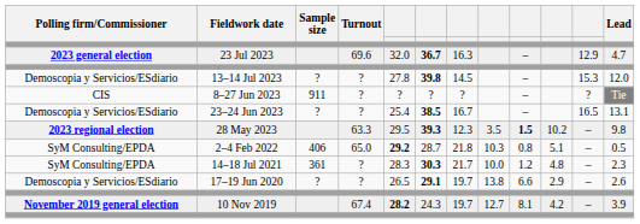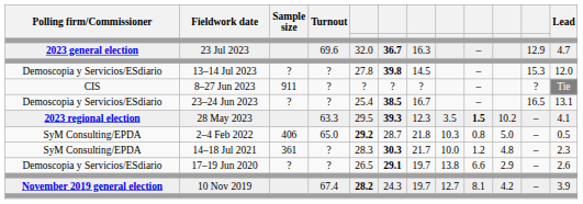 <table class="wikitable collapsible collapsed" style="text-align:center; font-size:95%; line-height:16px;">
 <tr style="height:42px;">
 <th style="width:250px;" rowspan="2">Polling firm/Commissioner</th>
 <th style="width:125px;" rowspan="2">Fieldwork date</th>
 <th style="width:50px;" rowspan="2">Sample size</th>
 <th style="width:45px;" rowspan="2">Turnout</th>
 <th style="width:35px;"></th>
 <th style="width:35px;"></th>
 <th style="width:35px;"></th>
 <th style="width:35px;"></th>
 <th style="width:35px;"></th>
 <th style="width:35px;"></th>
 <th style="width:35px;"></th>
 <th style="width:30px;" rowspan="2">Lead</th>
 </tr>
 <tr>
 <th style="color:inherit;background:"></th>
 <th style="color:inherit;background:"></th>
 <th style="color:inherit;background:"></th>
 <th style="color:inherit;background:"></th>
 <th style="color:inherit;background:"></th>
 <th style="color:inherit;background:"></th>
 <th style="color:inherit;background:"></th>
 </tr>
 <tr>
 <td colspan="12" style="background:#A0A0A0"></td>
 </tr>
 <tr style="background:#EFEFEF;">
 <td><strong><a href='#'>2023 general election</a></strong></td>
 <td>23 Jul 2023</td>
 <td></td>
 <td>69.6</td>
 <td>32.0<br></td>
 <td><strong>36.7</strong><br></td>
 <td>16.3<br></td>
 <td></td>
 <td>–</td>
 <td></td>
 <td>12.9<br></td>
 <td style="background:">4.7</td>
 </tr>
 <tr>
 <td colspan="12" style="background:#A0A0A0"></td>
 </tr>
 <tr>
 <td>Demoscopia y Servicios/ESdiario</td>
 <td>13–14 Jul 2023</td>
 <td>?</td>
 <td>?</td>
 <td>27.8<br></td>
 <td><strong>39.8</strong><br></td>
 <td>14.5<br></td>
 <td></td>
 <td>–</td>
 <td></td>
 <td>15.3<br></td>
 <td style="background:">12.0</td>
 </tr>
 <tr>
 <td>CIS</td>
 <td>8–27 Jun 2023</td>
 <td>911</td>
 <td>?</td>
 <td>?<br></td>
 <td>?<br></td>
 <td>?<br></td>
 <td></td>
 <td>–</td>
 <td></td>
 <td>?<br></td>
 <td style="background:gray; color:white;">Tie</td>
 </tr>
 <tr>
 <td>Demoscopia y Servicios/ESdiario</td>
 <td>23–24 Jun 2023</td>
 <td>?</td>
 <td>?</td>
 <td>25.4<br></td>
 <td><strong>38.5</strong><br></td>
 <td>16.7<br></td>
 <td></td>
 <td>–</td>
 <td></td>
 <td>16.5<br></td>
 <td style="background:">13.1</td>
 </tr>
 <tr style="background:#EFEFEF;">
 <td><strong><a href='#'>2023 regional election</a></strong></td>
 <td>28 May 2023</td>
 <td></td>
 <td>63.3</td>
 <td>29.5<br></td>
 <td><strong>39.3</strong><br></td>
 <td>12.3<br></td>
 <td>3.5<br></td>
 <td><strong>1.5<br></strong></td>
 <td>10.2<br></td>
 <td>–</td>
-<td style="background:">9.8</td>
+<td style="background:">4.1</td>
 </tr>
 <tr>
 <td>SyM Consulting/EPDA</td>
 <td>2–4 Feb 2022</td>
 <td>406</td>
 <td>65.0</td>
 <td><strong>29.2</strong><br></td>
 <td>28.7<br></td>
 <td>21.8<br></td>
 <td>10.3<br></td>
 <td>0.8<br></td>
-<td>5.1<br></td>
+<td>5.0<br></td>
 <td>–</td>
 <td style="background:">0.5</td>
 </tr>
 <tr>
 <td>SyM Consulting/EPDA</td>
 <td>14–18 Jul 2021</td>
 <td>361</td>
 <td>?</td>
 <td>28.3<br></td>
 <td><strong>30.3</strong><br></td>
 <td>21.7<br></td>
 <td>10.0<br></td>
 <td>1.2<br></td>
 <td>4.8<br></td>
 <td>–</td>
 <td style="background:">2.3</td>
 </tr>
 <tr>
 <td>Demoscopia y Servicios/ESdiario</td>
 <td>17–19 Jun 2020</td>
 <td>?</td>
 <td>?</td>
 <td>26.5<br></td>
 <td><strong>29.1</strong><br></td>
 <td>19.7<br></td>
 <td>13.8<br></td>
 <td>6.6<br></td>
 <td>2.9<br></td>
 <td>–</td>
 <td style="background:">2.6</td>
 </tr>
 <tr>
 <td colspan="12" style="background:#A0A0A0"></td>
 </tr>
 <tr style="background:#EFEFEF;">
 <td><strong><a href='#'>November 2019 general election</a></strong></td>
 <td>10 Nov 2019</td>
 <td></td>
 <td>67.4</td>
 <td><strong>28.2</strong><br></td>
 <td>24.3<br></td>
 <td>19.7<br></td>
 <td>12.7<br></td>
 <td>8.1<br></td>
 <td>4.2<br></td>
 <td>–</td>
 <td style="background:">3.9</td>
 </tr>
 <tr>
 <td colspan="12" style="background:#A0A0A0"></td>
 </tr>
 </table>
